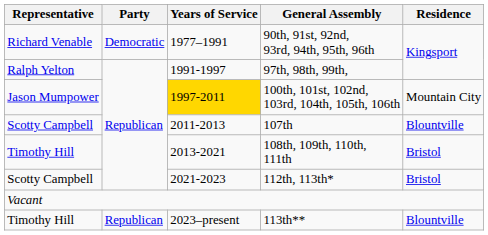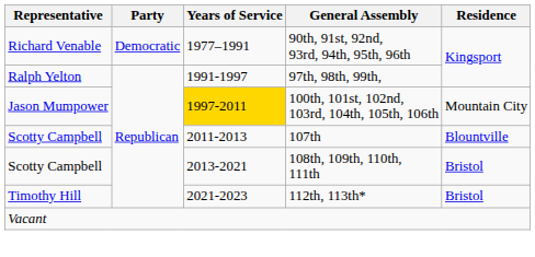 <table class="wikitable">
 <tr>
 <th>Representative</th>
 <th>Party</th>
 <th>Years of Service</th>
 <th>General Assembly</th>
 <th>Residence</th>
 </tr>
 <tr>
 <td><a href='#'>Richard Venable</a></td>
 <td rowspan="1" ><a href='#'>Democratic</a></td>
 <td>1977–1991</td>
 <td>90th, 91st, 92nd,<br>93rd, 94th, 95th,  96th</td>
 <td rowspan="2"><a href='#'>Kingsport</a></td>
 </tr>
 <tr>
 <td><a href='#'>Ralph Yelton</a></td>
 <td rowspan="5" ><a href='#'>Republican</a></td>
 <td>1991-1997</td>
 <td>97th, 98th, 99th,</td>
 </tr>
 <tr>
 <td><a href='#'>Jason Mumpower</a></td>
 <td style="background: gold;">1997-2011</td>
 <td>100th, 101st, 102nd,<br>103rd, 104th, 105th, 106th</td>
 <td>Mountain City</td>
 </tr>
 <tr>
 <td><a href='#'>Scotty Campbell</a></td>
 <td>2011-2013</td>
 <td>107th</td>
 <td><a href='#'>Blountville</a></td>
 </tr>
 <tr>
-<td><a href='#'>Timothy Hill</a></td>
+<td>Scotty Campbell</td>
 <td>2013-2021</td>
 <td>108th, 109th, 110th,<br>111th</td>
 <td><a href='#'>Bristol</a></td>
 </tr>
 <tr>
-<td>Scotty Campbell</td>
+<td><a href='#'>Timothy Hill</a></td>
 <td>2021-2023</td>
 <td>112th, 113th*</td>
 <td><a href='#'>Bristol</a></td>
 </tr>
 <tr>
 <td colspan="5"><em>Vacant</em></td>
 </tr>
-<tr>
-<td>Timothy Hill</td>
-<td><a href='#'>Republican</a></td>
-<td>2023–present</td>
-<td>113th**</td>
-<td><a href='#'>Blountville</a></td>
-</tr>
 </table>
